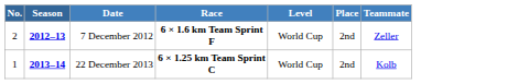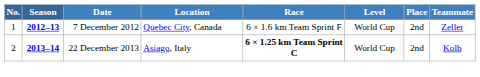 <table class="wikitable" style="font-size:95%; text-align:center; border:grey solid 1px; border-collapse:collapse; background:#ffffff;">
 <tr style="background:#efefef;">
 <th style="background-color:#369; color:white;">No.</th>
 <th style="background-color:#369; color:white;">Season</th>
 <th style="background-color:#4180be; color:white; width:120px;">Date</th>
+<th style="background-color:#4180be; color:white; width:160px;">Location</th>
 <th style="background-color:#4180be; color:white; width:160px;">Race</th>
 <th style="background-color:#4180be; color:white; width:90px;">Level</th>
 <th style="background-color:#4180be; color:white;">Place</th>
 <th style="background-color:#4180be; color:white;">Teammate</th>
 </tr>
 <tr>
-<td align=center>2</td>
+<td align=center>1</td>
 <td rowspan=1 align=center><strong> <a href='#'>2012–13</a> </strong></td>
 <td align=right>7 December 2012</td>
-<td><strong>6 × 1.6 km Team Sprint F</strong></td>
+<td align=left> <a href='#'>Quebec City</a>, Canada</td>
+<td>6 × 1.6 km Team Sprint F</td>
 <td>World Cup</td>
 <td>2nd</td>
 <td><a href='#'>Zeller</a></td>
 </tr>
 <tr>
-<td align=center>1</td>
+<td align=center>2</td>
 <td rowspan=1 align=center><strong> <a href='#'>2013–14</a> </strong></td>
 <td align=right>22 December 2013</td>
+<td align=left> <a href='#'>Asiago</a>, Italy</td>
 <td><strong>6 × 1.25 km Team Sprint C</strong></td>
 <td>World Cup</td>
 <td>2nd</td>
 <td><a href='#'>Kolb</a></td>
 </tr>
 </table>
